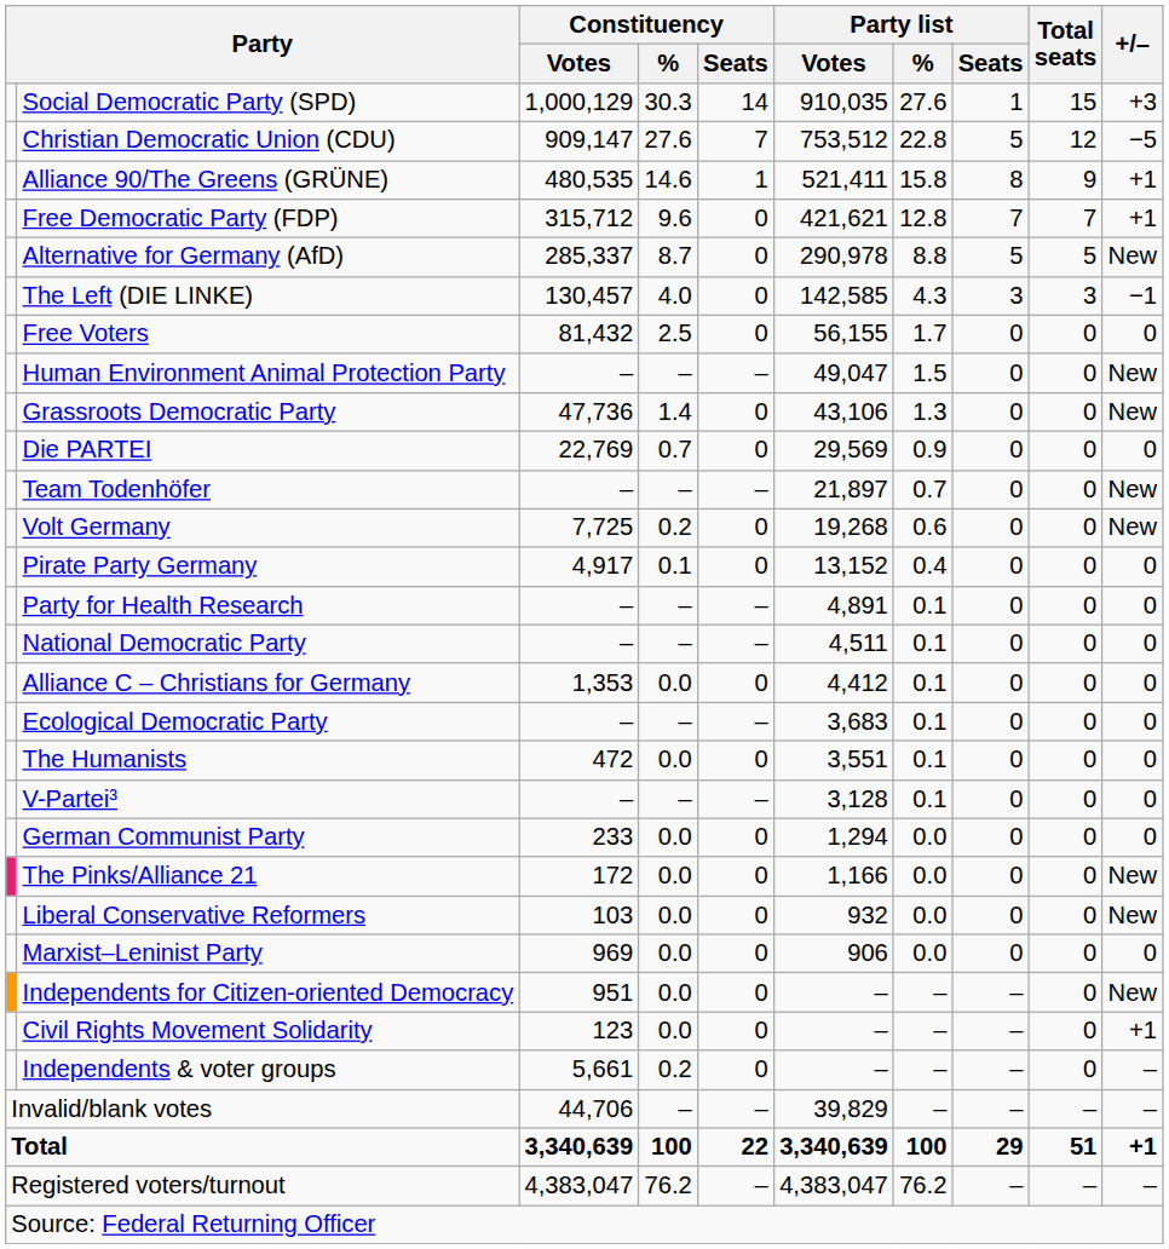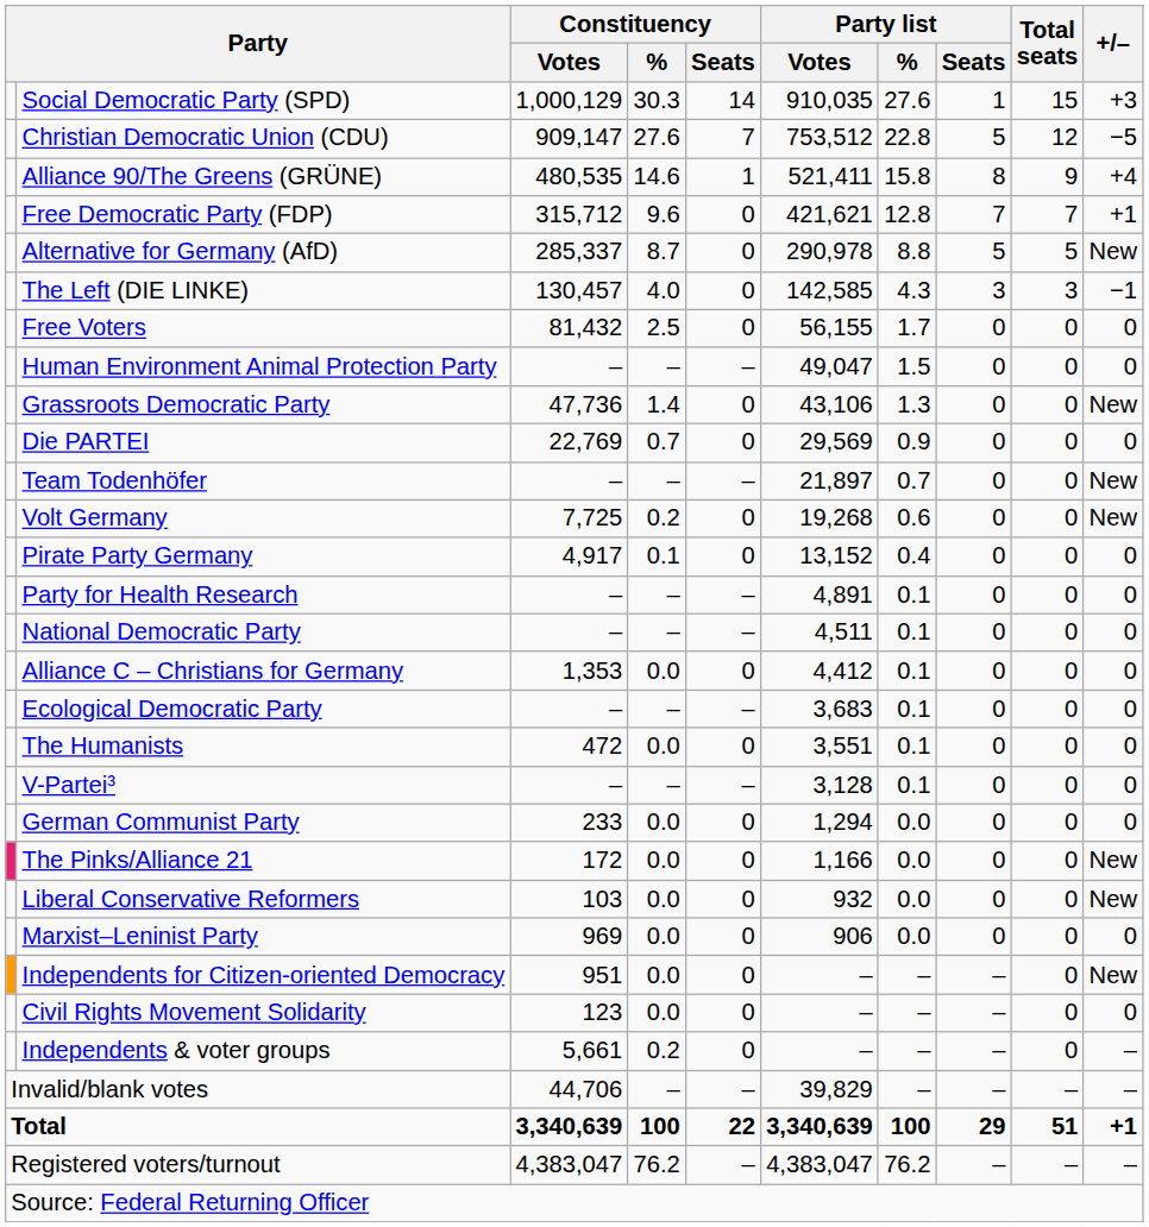 <table class="wikitable" style="text-align:right">
 <tr>
 <th colspan="2" rowspan="2">Party</th>
 <th colspan="3">Constituency</th>
 <th colspan="3">Party list</th>
 <th rowspan="2">Total<br>seats</th>
 <th rowspan="2">+/–</th>
 </tr>
 <tr>
 <th>Votes</th>
 <th>%</th>
 <th>Seats</th>
 <th>Votes</th>
 <th>%</th>
 <th>Seats</th>
 </tr>
 <tr>
 <td></td>
 <td align="left"><a href='#'>Social Democratic Party</a> (SPD)</td>
 <td>1,000,129</td>
 <td>30.3</td>
 <td>14</td>
 <td>910,035</td>
 <td>27.6</td>
 <td>1</td>
 <td>15</td>
 <td>+3</td>
 </tr>
 <tr>
 <td></td>
 <td align="left"><a href='#'>Christian Democratic Union</a> (CDU)</td>
 <td>909,147</td>
 <td>27.6</td>
 <td>7</td>
 <td>753,512</td>
 <td>22.8</td>
 <td>5</td>
 <td>12</td>
 <td>−5</td>
 </tr>
 <tr>
 <td></td>
 <td align="left"><a href='#'>Alliance 90/The Greens</a> (GRÜNE)</td>
 <td>480,535</td>
 <td>14.6</td>
 <td>1</td>
 <td>521,411</td>
 <td>15.8</td>
 <td>8</td>
 <td>9</td>
-<td>+1</td>
+<td>+4</td>
 </tr>
 <tr>
 <td></td>
 <td align="left"><a href='#'>Free Democratic Party</a> (FDP)</td>
 <td>315,712</td>
 <td>9.6</td>
 <td>0</td>
 <td>421,621</td>
 <td>12.8</td>
 <td>7</td>
 <td>7</td>
 <td>+1</td>
 </tr>
 <tr>
 <td></td>
 <td align="left"><a href='#'>Alternative for Germany</a> (AfD)</td>
 <td>285,337</td>
 <td>8.7</td>
 <td>0</td>
 <td>290,978</td>
 <td>8.8</td>
 <td>5</td>
 <td>5</td>
 <td>New</td>
 </tr>
 <tr>
 <td></td>
 <td align="left"><a href='#'>The Left</a> (DIE LINKE)</td>
 <td>130,457</td>
 <td>4.0</td>
 <td>0</td>
 <td>142,585</td>
 <td>4.3</td>
 <td>3</td>
 <td>3</td>
 <td>−1</td>
 </tr>
 <tr>
 <td style="background-color:"></td>
 <td align="left"><a href='#'>Free Voters</a></td>
 <td>81,432</td>
 <td>2.5</td>
 <td>0</td>
 <td>56,155</td>
 <td>1.7</td>
 <td>0</td>
 <td>0</td>
 <td>0</td>
 </tr>
 <tr>
 <td style="background-color:"></td>
 <td align="left"><a href='#'>Human Environment Animal Protection Party</a></td>
 <td>–</td>
 <td>–</td>
 <td>–</td>
 <td>49,047</td>
 <td>1.5</td>
 <td>0</td>
 <td>0</td>
-<td>New</td>
+<td>0</td>
 </tr>
 <tr>
 <td style="background-color:"></td>
 <td align="left"><a href='#'>Grassroots Democratic Party</a></td>
 <td>47,736</td>
 <td>1.4</td>
 <td>0</td>
 <td>43,106</td>
 <td>1.3</td>
 <td>0</td>
 <td>0</td>
 <td>New</td>
 </tr>
 <tr>
 <td style="background-color:"></td>
 <td align="left"><a href='#'>Die PARTEI</a></td>
 <td>22,769</td>
 <td>0.7</td>
 <td>0</td>
 <td>29,569</td>
 <td>0.9</td>
 <td>0</td>
 <td>0</td>
 <td>0</td>
 </tr>
 <tr>
 <td style="background-color:"></td>
 <td align="left"><a href='#'>Team Todenhöfer</a></td>
 <td>–</td>
 <td>–</td>
 <td>–</td>
 <td>21,897</td>
 <td>0.7</td>
 <td>0</td>
 <td>0</td>
 <td>New</td>
 </tr>
 <tr>
 <td style="background-color:"></td>
 <td align="left"><a href='#'>Volt Germany</a></td>
 <td>7,725</td>
 <td>0.2</td>
 <td>0</td>
 <td>19,268</td>
 <td>0.6</td>
 <td>0</td>
 <td>0</td>
 <td>New</td>
 </tr>
 <tr>
 <td style="background-color:"></td>
 <td align="left"><a href='#'>Pirate Party Germany</a></td>
 <td>4,917</td>
 <td>0.1</td>
 <td>0</td>
 <td>13,152</td>
 <td>0.4</td>
 <td>0</td>
 <td>0</td>
 <td>0</td>
 </tr>
 <tr>
 <td style="background-color:"></td>
 <td align="left"><a href='#'>Party for Health Research</a></td>
 <td>–</td>
 <td>–</td>
 <td>–</td>
 <td>4,891</td>
 <td>0.1</td>
 <td>0</td>
 <td>0</td>
 <td>0</td>
 </tr>
 <tr>
 <td style="background-color:"></td>
 <td align="left"><a href='#'>National Democratic Party</a></td>
 <td>–</td>
 <td>–</td>
 <td>–</td>
 <td>4,511</td>
 <td>0.1</td>
 <td>0</td>
 <td>0</td>
 <td>0</td>
 </tr>
 <tr>
 <td style="background-color:"></td>
 <td align="left"><a href='#'>Alliance C – Christians for Germany</a></td>
 <td>1,353</td>
 <td>0.0</td>
 <td>0</td>
 <td>4,412</td>
 <td>0.1</td>
 <td>0</td>
 <td>0</td>
 <td>0</td>
 </tr>
 <tr>
 <td style="background-color:"></td>
 <td align="left"><a href='#'>Ecological Democratic Party</a></td>
 <td>–</td>
 <td>–</td>
 <td>–</td>
 <td>3,683</td>
 <td>0.1</td>
 <td>0</td>
 <td>0</td>
 <td>0</td>
 </tr>
 <tr>
 <td style="background-color:"></td>
 <td align="left"><a href='#'>The Humanists</a></td>
 <td>472</td>
 <td>0.0</td>
 <td>0</td>
 <td>3,551</td>
 <td>0.1</td>
 <td>0</td>
 <td>0</td>
 <td>0</td>
 </tr>
 <tr>
 <td style="background-color:"></td>
 <td align="left"><a href='#'>V-Partei³</a></td>
 <td>–</td>
 <td>–</td>
 <td>–</td>
 <td>3,128</td>
 <td>0.1</td>
 <td>0</td>
 <td>0</td>
 <td>0</td>
 </tr>
 <tr>
 <td style="background-color:"></td>
 <td align="left"><a href='#'>German Communist Party</a></td>
 <td>233</td>
 <td>0.0</td>
 <td>0</td>
 <td>1,294</td>
 <td>0.0</td>
 <td>0</td>
 <td>0</td>
 <td>0</td>
 </tr>
 <tr>
 <td style="background-color:#E71F71"></td>
 <td align="left"><a href='#'>The Pinks/Alliance 21</a></td>
 <td>172</td>
 <td>0.0</td>
 <td>0</td>
 <td>1,166</td>
 <td>0.0</td>
 <td>0</td>
 <td>0</td>
 <td>New</td>
 </tr>
 <tr>
 <td style="background-color:"></td>
 <td align="left"><a href='#'>Liberal Conservative Reformers</a></td>
 <td>103</td>
 <td>0.0</td>
 <td>0</td>
 <td>932</td>
 <td>0.0</td>
 <td>0</td>
 <td>0</td>
 <td>New</td>
 </tr>
 <tr>
 <td style="background-color:"></td>
 <td align="left"><a href='#'>Marxist–Leninist Party</a></td>
 <td>969</td>
 <td>0.0</td>
 <td>0</td>
 <td>906</td>
 <td>0.0</td>
 <td>0</td>
 <td>0</td>
 <td>0</td>
 </tr>
 <tr>
 <td style="background-color:#FF9900"></td>
 <td align="left"><a href='#'>Independents for Citizen-oriented Democracy</a></td>
 <td>951</td>
 <td>0.0</td>
 <td>0</td>
 <td>–</td>
 <td>–</td>
 <td>–</td>
 <td>0</td>
 <td>New</td>
 </tr>
 <tr>
 <td style="background-color:"></td>
 <td align="left"><a href='#'>Civil Rights Movement Solidarity</a></td>
 <td>123</td>
 <td>0.0</td>
 <td>0</td>
 <td>–</td>
 <td>–</td>
 <td>–</td>
 <td>0</td>
-<td>+1</td>
+<td>0</td>
 </tr>
 <tr>
 <td style="background-color:"></td>
 <td align="left"><a href='#'>Independents</a> & voter groups</td>
 <td>5,661</td>
 <td>0.2</td>
 <td>0</td>
 <td>–</td>
 <td>–</td>
 <td>–</td>
 <td>0</td>
 <td>–</td>
 </tr>
 <tr>
 <td colspan="2" align="left">Invalid/blank votes</td>
 <td>44,706</td>
 <td>–</td>
 <td>–</td>
 <td>39,829</td>
 <td>–</td>
 <td>–</td>
 <td>–</td>
 <td>–</td>
 </tr>
 <tr>
 <td colspan="2" align="left"><strong>Total</strong></td>
 <td><strong>3,340,639</strong></td>
 <td><strong>100</strong></td>
 <td><strong>22</strong></td>
 <td><strong>3,340,639</strong></td>
 <td><strong>100</strong></td>
 <td><strong>29</strong></td>
 <td><strong>51</strong></td>
 <td><strong>+1</strong></td>
 </tr>
 <tr>
 <td colspan="2" align="left">Registered voters/turnout</td>
 <td>4,383,047</td>
 <td>76.2</td>
 <td>–</td>
 <td>4,383,047</td>
 <td>76.2</td>
 <td>–</td>
 <td>–</td>
 <td>–</td>
 </tr>
 <tr>
 <td colspan="10" align="left">Source: <a href='#'>Federal Returning Officer</a></td>
 </tr>
 </table>
